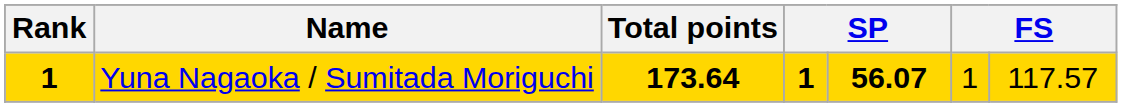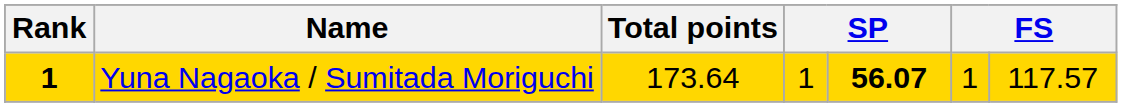 <table class="wikitable sortable">
 <tr>
 <th>Rank</th>
 <th>Name</th>
 <th>Total points</th>
 <th colspan="2" width="80px"><a href='#'>SP</a></th>
 <th colspan="2" width="80px"><a href='#'>FS</a></th>
 </tr>
 <tr bgcolor="gold">
 <td align="center"><strong>1</strong></td>
 <td><a href='#'>Yuna Nagaoka</a> / <a href='#'>Sumitada Moriguchi</a></td>
-<td align="center"><strong>173.64</strong></td>
-<td align="center"><strong>1</strong></td>
+<td align="center">173.64</td>
+<td align="center">1</td>
 <td align="center"><strong>56.07</strong></td>
 <td align="center">1</td>
 <td align="center">117.57</td>
 </tr>
 </table>
